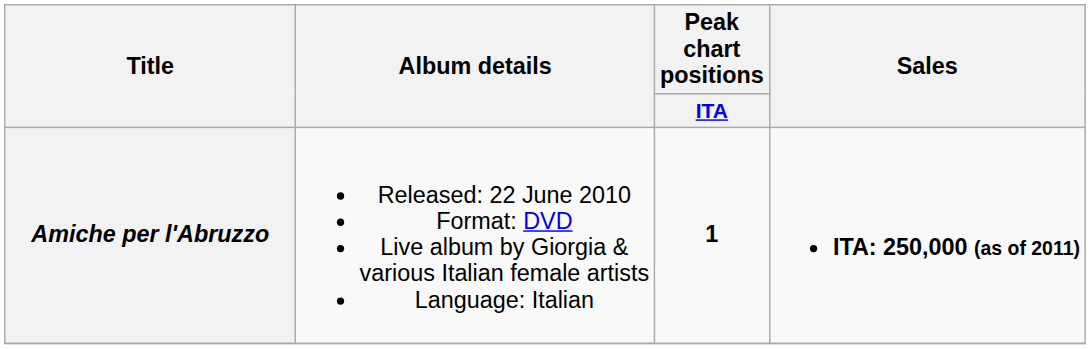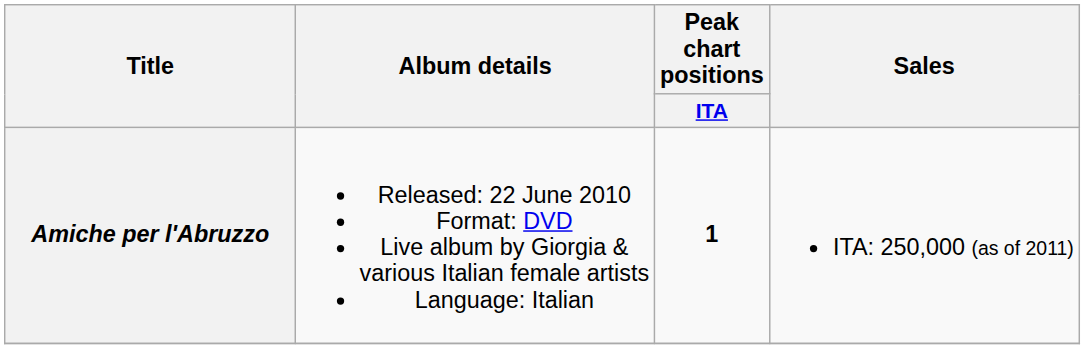 <table class="wikitable plainrowheaders" style="text-align:center;" border="1">
 <tr>
 <th scope="col" rowspan="2" style="width:12em;">Title</th>
 <th scope="col" rowspan="2">Album details</th>
 <th scope="col">Peak<br>chart<br>positions</th>
 <th scope="col" rowspan="2">Sales</th>
 </tr>
 <tr>
 <th scope="col" style="width:3em;font-size:90%;"><a href='#'>ITA</a><br></th>
 </tr>
 <tr>
 <th scope="row"><em>Amiche per l'Abruzzo</em></th>
 <td><br><ul><li>Released: 22 June 2010</li><li>Format: <a href='#'>DVD</a></li><li>Live album by Giorgia &<br>various Italian female artists</li><li>Language: Italian</li></ul></td>
 <td><strong>1</strong></td>
-<td><strong><br><ul><li>ITA: 250,000 <small>(as of 2011)</small></li></ul></strong></td>
+<td><br><ul><li>ITA: 250,000 <small>(as of 2011)</small></li></ul></td>
 </tr>
 <tr>
 </tr>
 </table>
